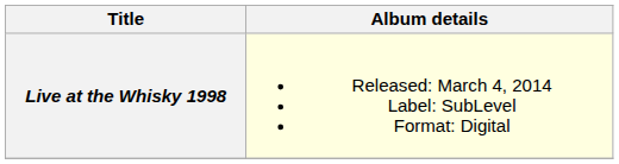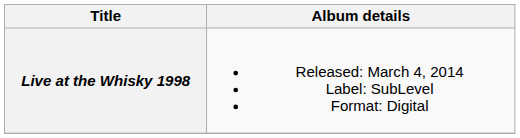 <table class="wikitable plainrowheaders" style="text-align:center;" border="1">
 <tr>
 <th scope="col" style="width:13em;">Title</th>
 <th scope="col" style="width:20em;">Album details</th>
 </tr>
 <tr>
 <th scope="row"><em>Live at the Whisky 1998</em></th>
-<td style="background: lightyellow;"><br><ul><li>Released: March 4, 2014</li><li>Label: SubLevel</li><li>Format: Digital</li></ul></td>
+<td><br><ul><li>Released: March 4, 2014</li><li>Label: SubLevel</li><li>Format: Digital</li></ul></td>
 </tr>
 <tr>
 </tr>
 </table>
